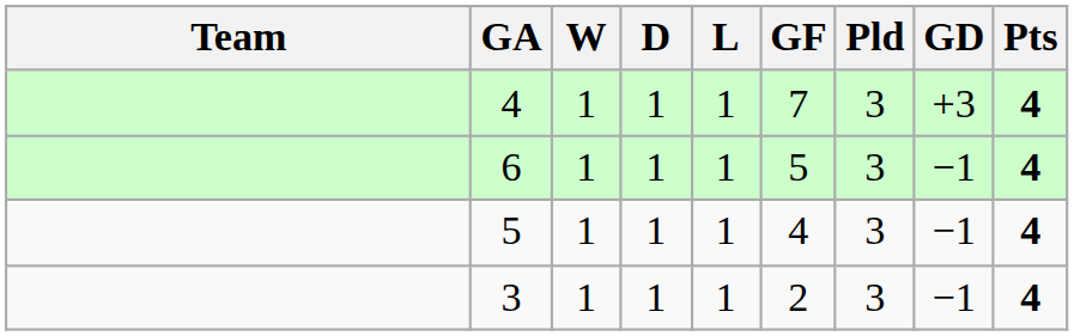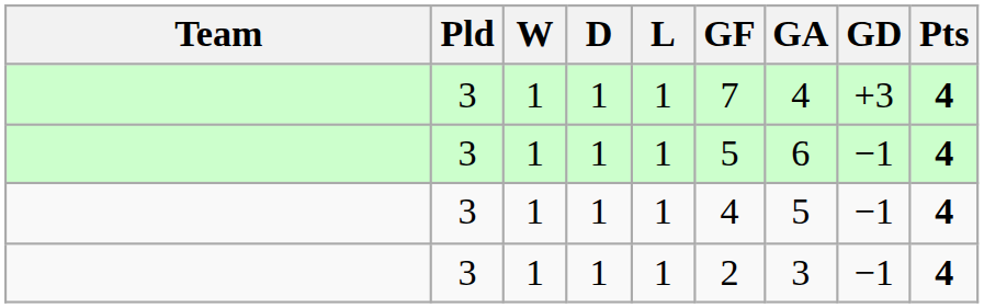 <table class="wikitable" style="text-align:center;">
 <tr>
 <th width=175>Team</th>
-<th width=20>GA</th>
+<th width=20>Pld</th>
 <th width=20>W</th>
 <th width=20>D</th>
 <th width=20>L</th>
 <th width=20>GF</th>
-<th width=20>Pld</th>
+<th width=20>GA</th>
 <th width=20>GD</th>
 <th width=20>Pts</th>
 </tr>
 <tr bgcolor=ccffcc>
 <td align="left"></td>
-<td>4</td>
+<td>3</td>
 <td>1</td>
 <td>1</td>
 <td>1</td>
 <td>7</td>
-<td>3</td>
+<td>4</td>
 <td>+3</td>
 <td><strong>4</strong></td>
 </tr>
 <tr bgcolor=ccffcc>
 <td align="left"></td>
-<td>6</td>
+<td>3</td>
 <td>1</td>
 <td>1</td>
 <td>1</td>
 <td>5</td>
-<td>3</td>
+<td>6</td>
 <td>−1</td>
 <td><strong>4</strong></td>
 </tr>
 <tr>
 <td align="left"></td>
-<td>5</td>
+<td>3</td>
 <td>1</td>
 <td>1</td>
 <td>1</td>
 <td>4</td>
-<td>3</td>
+<td>5</td>
 <td>−1</td>
 <td><strong>4</strong></td>
 </tr>
 <tr>
 <td align="left"></td>
 <td>3</td>
 <td>1</td>
 <td>1</td>
 <td>1</td>
 <td>2</td>
 <td>3</td>
 <td>−1</td>
 <td><strong>4</strong></td>
 </tr>
 </table>
